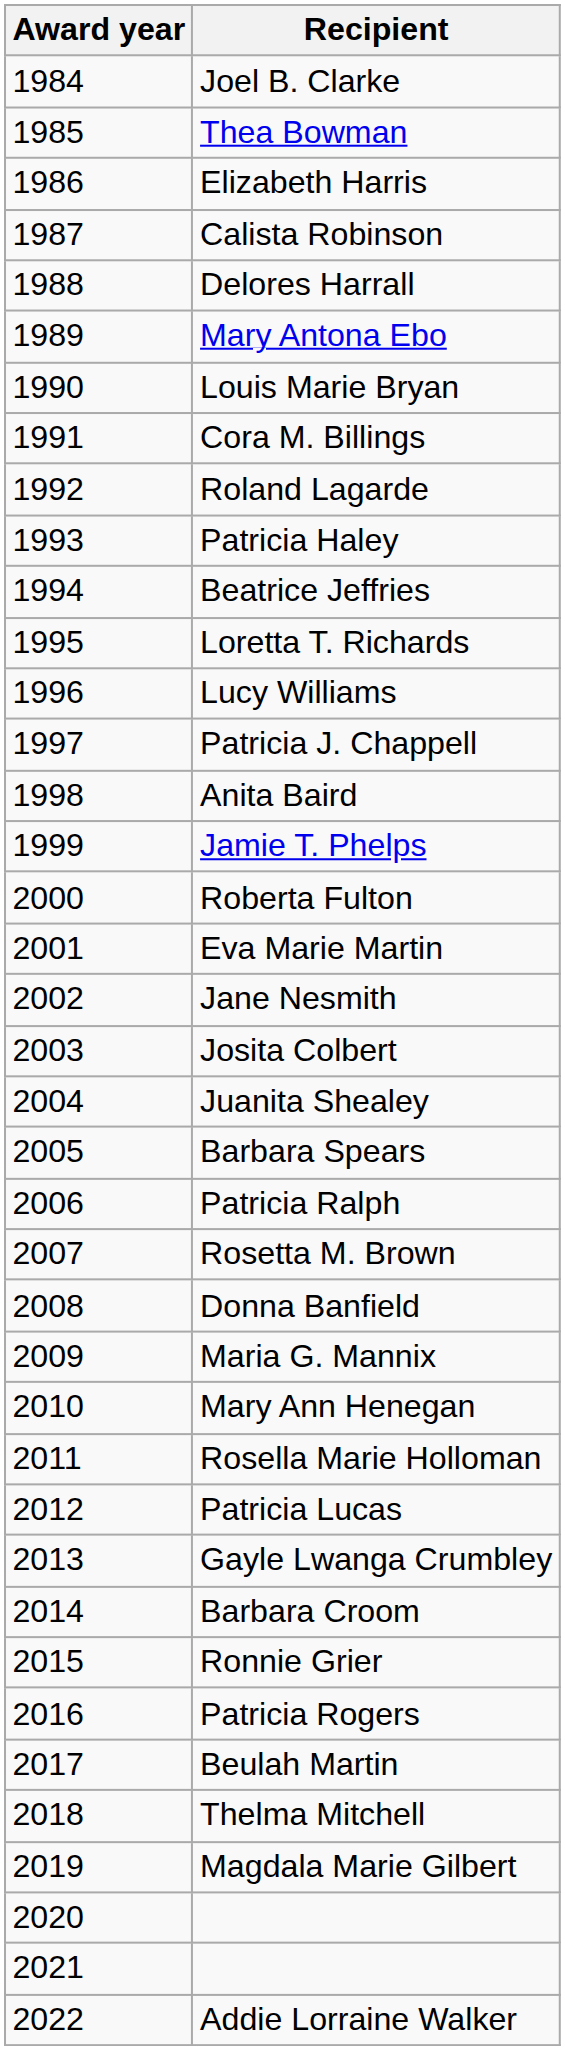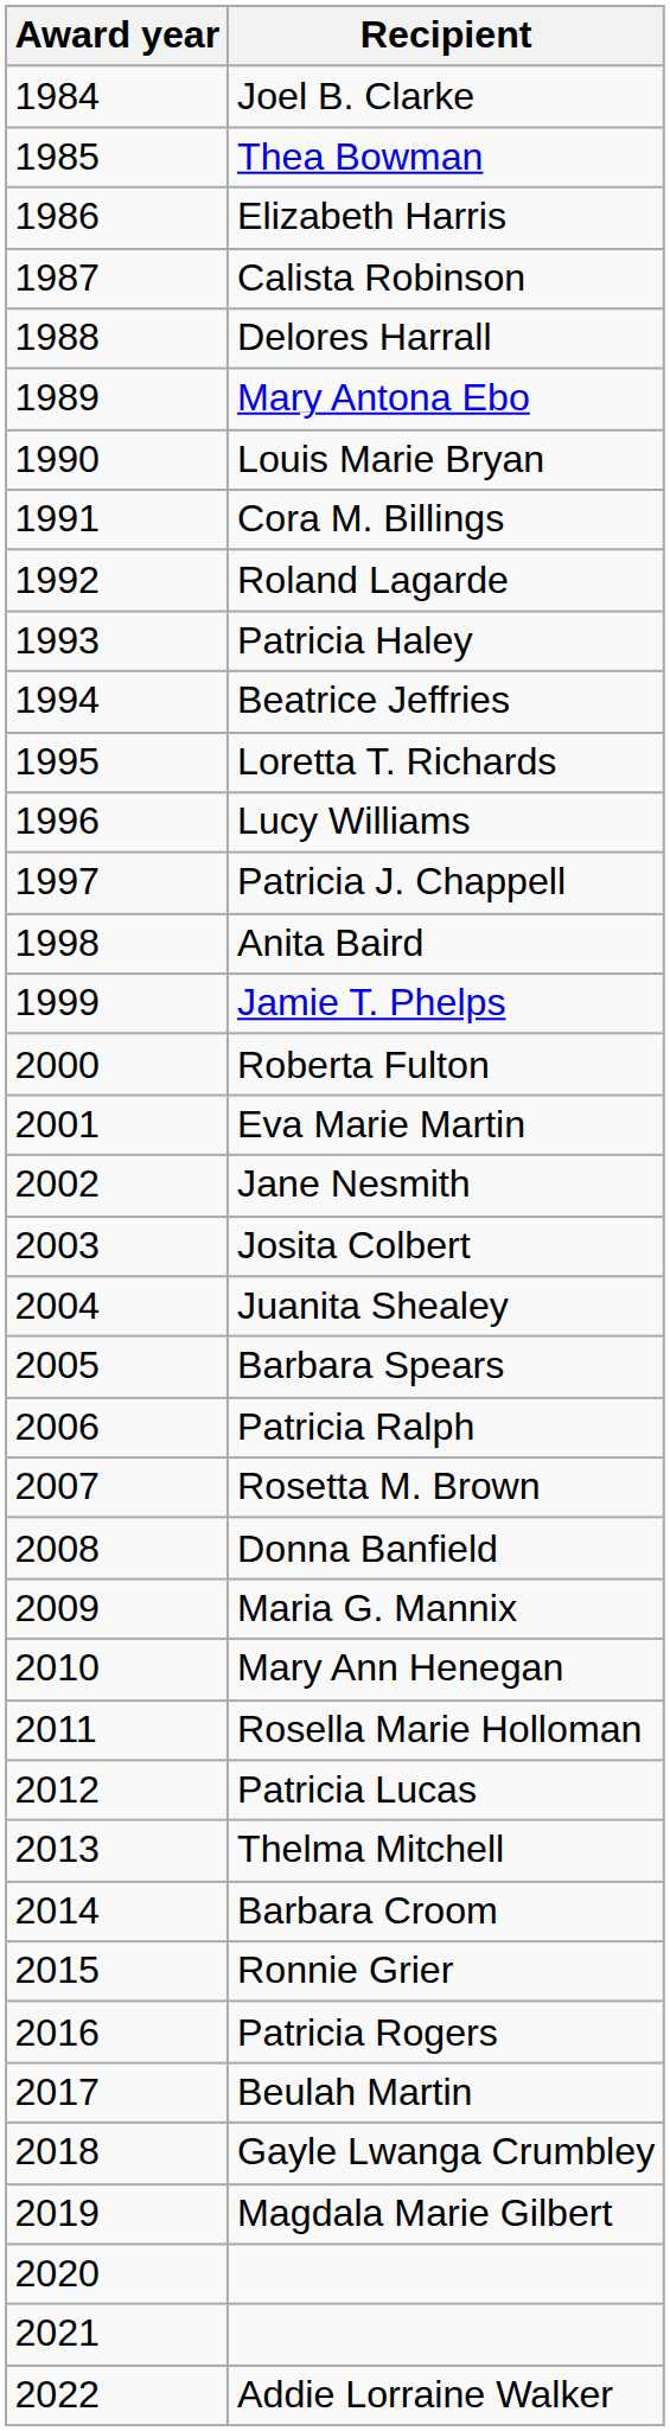 <table class="wikitable">
 <tr>
 <th>Award year</th>
 <th>Recipient</th>
 </tr>
 <tr>
 <td>1984</td>
 <td>Joel B. Clarke</td>
 </tr>
 <tr>
 <td>1985</td>
 <td><a href='#'>Thea Bowman</a></td>
 </tr>
 <tr>
 <td>1986</td>
 <td>Elizabeth Harris</td>
 </tr>
 <tr>
 <td>1987</td>
 <td>Calista Robinson</td>
 </tr>
 <tr>
 <td>1988</td>
 <td>Delores Harrall</td>
 </tr>
 <tr>
 <td>1989</td>
 <td><a href='#'>Mary Antona Ebo</a></td>
 </tr>
 <tr>
 <td>1990</td>
 <td>Louis Marie Bryan</td>
 </tr>
 <tr>
 <td>1991</td>
 <td>Cora M. Billings</td>
 </tr>
 <tr>
 <td>1992</td>
 <td>Roland Lagarde</td>
 </tr>
 <tr>
 <td>1993</td>
 <td>Patricia Haley</td>
 </tr>
 <tr>
 <td>1994</td>
 <td>Beatrice Jeffries</td>
 </tr>
 <tr>
 <td>1995</td>
 <td>Loretta T. Richards</td>
 </tr>
 <tr>
 <td>1996</td>
 <td>Lucy Williams</td>
 </tr>
 <tr>
 <td>1997</td>
 <td>Patricia J. Chappell</td>
 </tr>
 <tr>
 <td>1998</td>
 <td>Anita Baird</td>
 </tr>
 <tr>
 <td>1999</td>
 <td><a href='#'>Jamie T. Phelps</a></td>
 </tr>
 <tr>
 <td>2000</td>
 <td>Roberta Fulton</td>
 </tr>
 <tr>
 <td>2001</td>
 <td>Eva Marie Martin</td>
 </tr>
 <tr>
 <td>2002</td>
 <td>Jane Nesmith</td>
 </tr>
 <tr>
 <td>2003</td>
 <td>Josita Colbert</td>
 </tr>
 <tr>
 <td>2004</td>
 <td>Juanita Shealey</td>
 </tr>
 <tr>
 <td>2005</td>
 <td>Barbara Spears</td>
 </tr>
 <tr>
 <td>2006</td>
 <td>Patricia Ralph</td>
 </tr>
 <tr>
 <td>2007</td>
 <td>Rosetta M. Brown</td>
 </tr>
 <tr>
 <td>2008</td>
 <td>Donna Banfield</td>
 </tr>
 <tr>
 <td>2009</td>
 <td>Maria G. Mannix</td>
 </tr>
 <tr>
 <td>2010</td>
 <td>Mary Ann Henegan</td>
 </tr>
 <tr>
 <td>2011</td>
 <td>Rosella Marie Holloman</td>
 </tr>
 <tr>
 <td>2012</td>
 <td>Patricia Lucas</td>
 </tr>
 <tr>
 <td>2013</td>
-<td>Gayle Lwanga Crumbley</td>
+<td>Thelma Mitchell</td>
 </tr>
 <tr>
 <td>2014</td>
 <td>Barbara Croom</td>
 </tr>
 <tr>
 <td>2015</td>
 <td>Ronnie Grier</td>
 </tr>
 <tr>
 <td>2016</td>
 <td>Patricia Rogers</td>
 </tr>
 <tr>
 <td>2017</td>
 <td>Beulah Martin</td>
 </tr>
 <tr>
 <td>2018</td>
-<td>Thelma Mitchell</td>
+<td>Gayle Lwanga Crumbley</td>
 </tr>
 <tr>
 <td>2019</td>
 <td>Magdala Marie Gilbert</td>
 </tr>
 <tr>
 <td>2020</td>
 <td></td>
 </tr>
 <tr>
 <td>2021</td>
 <td></td>
 </tr>
 <tr>
 <td>2022</td>
 <td>Addie Lorraine Walker</td>
 </tr>
 </table>
